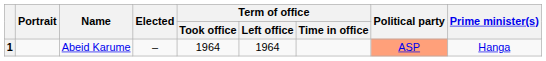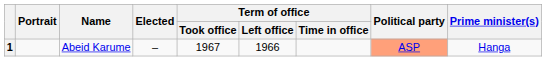 <table class="wikitable" style="text-align:center">
 <tr>
 <th rowspan="2"></th>
 <th rowspan="2">Portrait</th>
 <th rowspan="2">Name<br></th>
 <th rowspan="2">Elected</th>
 <th colspan="3">Term of office</th>
 <th rowspan="2">Political party</th>
 <th rowspan="2"><a href='#'>Prime minister(s)</a></th>
 </tr>
 <tr>
 <th>Took office</th>
 <th>Left office</th>
 <th>Time in office</th>
 </tr>
 <tr>
 <th style="background:">1</th>
 <td></td>
 <td><a href='#'>Abeid Karume</a><br></td>
 <td>–</td>
-<td> 1964</td>
-<td> 1964</td>
+<td> 1967</td>
+<td> 1966</td>
 <td></td>
 <td style="background: lightsalmon;"><a href='#'>ASP</a></td>
 <td><a href='#'>Hanga</a></td>
 </tr>
 </table>
